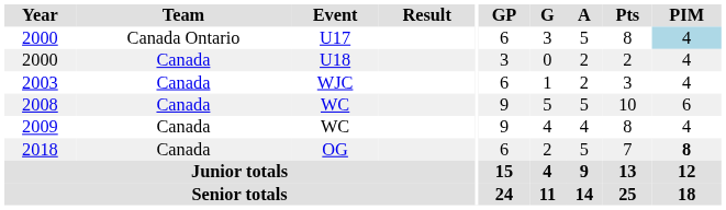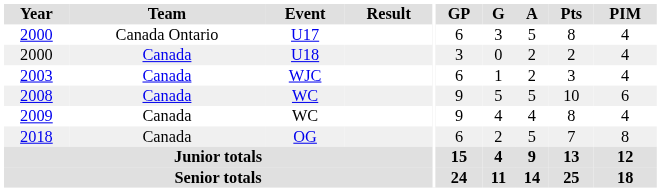 <table border="0" cellpadding="1" cellspacing="0" ID="Table3" style="text-align:center; width:40em">
 <tr ALIGN="centre" bgcolor="#e0e0e0">
 <th>Year</th>
 <th>Team</th>
 <th>Event</th>
 <th>Result</th>
 <th rowspan="99" bgcolor="#ffffff"></th>
 <th>GP</th>
 <th>G</th>
 <th>A</th>
 <th>Pts</th>
 <th>PIM</th>
 </tr>
 <tr>
 <td><a href='#'>2000</a></td>
 <td>Canada Ontario</td>
 <td><a href='#'>U17</a></td>
 <td></td>
 <td>6</td>
 <td>3</td>
 <td>5</td>
 <td>8</td>
-<td style="background: lightblue;">4</td>
+<td>4</td>
 </tr>
 <tr bgcolor="#f0f0f0">
 <td>2000</td>
 <td><a href='#'>Canada</a></td>
 <td><a href='#'>U18</a></td>
 <td></td>
 <td>3</td>
 <td>0</td>
 <td>2</td>
 <td>2</td>
 <td>4</td>
 </tr>
 <tr>
 <td><a href='#'>2003</a></td>
 <td><a href='#'>Canada</a></td>
 <td><a href='#'>WJC</a></td>
 <td></td>
 <td>6</td>
 <td>1</td>
 <td>2</td>
 <td>3</td>
 <td>4</td>
 </tr>
 <tr bgcolor="#f0f0f0">
 <td><a href='#'>2008</a></td>
 <td><a href='#'>Canada</a></td>
 <td><a href='#'>WC</a></td>
 <td></td>
 <td>9</td>
 <td>5</td>
 <td>5</td>
 <td>10</td>
 <td>6</td>
 </tr>
 <tr>
 <td><a href='#'>2009</a></td>
 <td>Canada</td>
 <td>WC</td>
 <td></td>
 <td>9</td>
 <td>4</td>
 <td>4</td>
 <td>8</td>
 <td>4</td>
 </tr>
 <tr bgcolor="#f0f0f0">
 <td><a href='#'>2018</a></td>
 <td>Canada</td>
 <td><a href='#'>OG</a></td>
 <td></td>
 <td>6</td>
 <td>2</td>
 <td>5</td>
 <td>7</td>
-<td><strong>8</strong></td>
+<td>8</td>
 </tr>
 <tr bgcolor="#e0e0e0">
 <th colspan=4>Junior totals</th>
 <th>15</th>
 <th>4</th>
 <th>9</th>
 <th>13</th>
 <th>12</th>
 </tr>
 <tr bgcolor="#e0e0e0">
 <th colspan=4>Senior totals</th>
 <th>24</th>
 <th>11</th>
 <th>14</th>
 <th>25</th>
 <th>18</th>
 </tr>
 </table>
